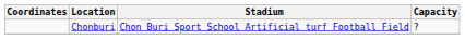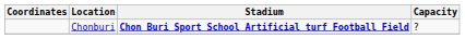 <table class="wikitable sortable">
 <tr>
 <th>Coordinates</th>
 <th>Location</th>
 <th>Stadium</th>
 <th>Capacity</th>
 </tr>
 <tr>
 <td></td>
 <td><a href='#'>Chonburi</a></td>
-<td><a href='#'>Chon Buri Sport School Artificial turf Football Field</a></td>
+<td><strong><a href='#'>Chon Buri Sport School Artificial turf Football Field</a></strong></td>
 <td>?</td>
 </tr>
 <tr>
 </tr>
 </table>
